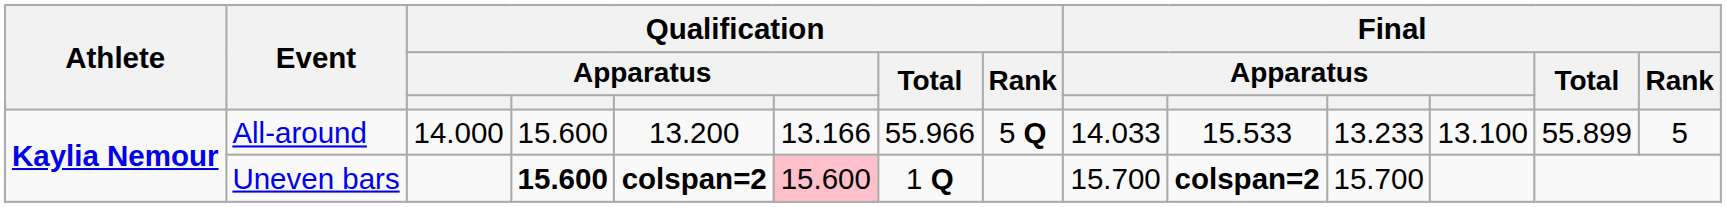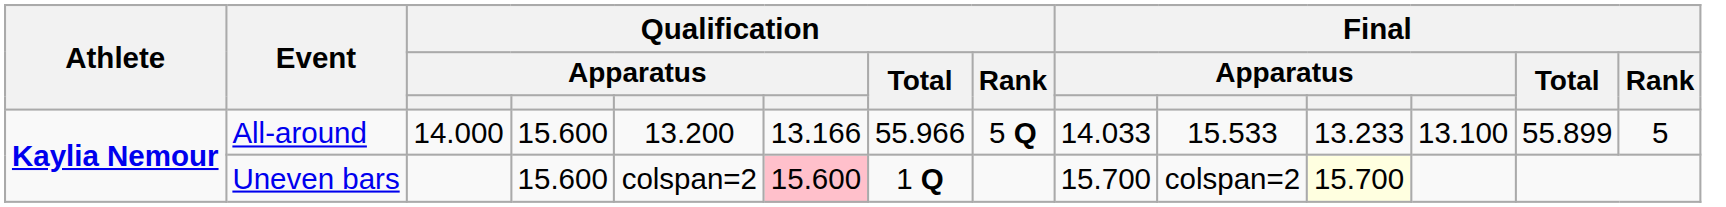 <table class="wikitable" style="font-size:90%">
 <tr>
 <th rowspan=3>Athlete</th>
 <th rowspan=3>Event</th>
 <th colspan=6>Qualification</th>
 <th colspan=6>Final</th>
 </tr>
 <tr style="font-size:95%">
 <th colspan=4>Apparatus</th>
 <th rowspan=2>Total</th>
 <th rowspan=2>Rank</th>
 <th colspan=4>Apparatus</th>
 <th rowspan=2>Total</th>
 <th rowspan=2>Rank</th>
 </tr>
 <tr style="font-size:95%">
 <th></th>
 <th></th>
 <th></th>
 <th></th>
 <th></th>
 <th></th>
 <th></th>
 <th></th>
 </tr>
 <tr align=center>
 <td align=left rowspan=2><strong><a href='#'>Kaylia Nemour</a></strong></td>
 <td align=left><a href='#'>All-around</a></td>
 <td>14.000</td>
 <td>15.600</td>
 <td>13.200</td>
 <td>13.166</td>
 <td>55.966</td>
 <td>5 <strong>Q</strong></td>
 <td>14.033</td>
 <td>15.533</td>
 <td>13.233</td>
 <td>13.100</td>
 <td>55.899</td>
 <td>5</td>
 </tr>
 <tr>
 <td align=center><a href='#'>Uneven bars</a></td>
 <td></td>
-<td><strong>15.600</strong></td>
-<td><strong>colspan=2</strong></td>
+<td>15.600</td>
+<td>colspan=2</td>
 <td style="background: pink;">15.600</td>
 <td align=center>1 <strong>Q</strong></td>
 <td></td>
 <td>15.700</td>
-<td><strong>colspan=2</strong></td>
-<td>15.700</td>
+<td>colspan=2</td>
+<td style="background: lightyellow;">15.700</td>
 <td align=center></td>
 </tr>
 </table>
